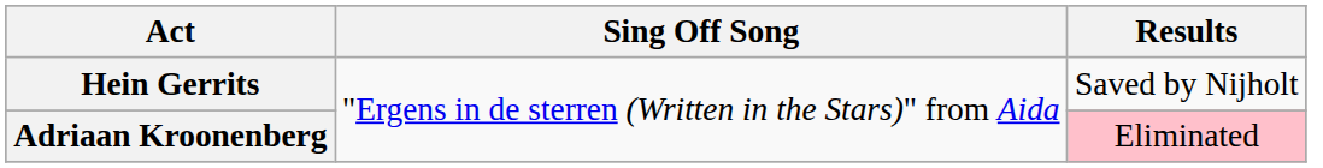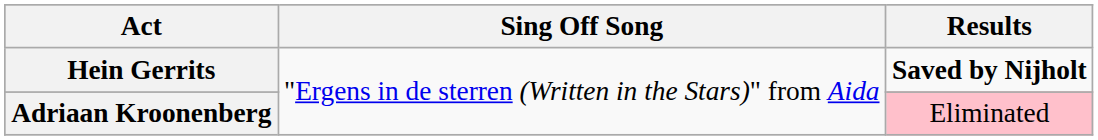 <table class="wikitable plainrowheaders" style="text-align:center;">
 <tr>
 <th scope="col">Act</th>
 <th scope="col">Sing Off Song</th>
 <th scope="col">Results</th>
 </tr>
 <tr>
 <th scope="row">Hein Gerrits</th>
 <td rowspan="2">"<a href='#'>Ergens in de sterren</a> <em>(Written in the Stars)</em>" from <em><a href='#'>Aida</a></em></td>
-<td>Saved by Nijholt</td>
+<td><strong>Saved by Nijholt</strong></td>
 </tr>
 <tr>
 <th scope="row">Adriaan Kroonenberg</th>
 <td style="background:pink;">Eliminated</td>
 </tr>
 </table>
